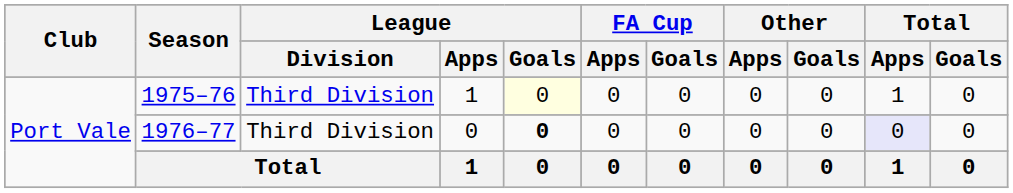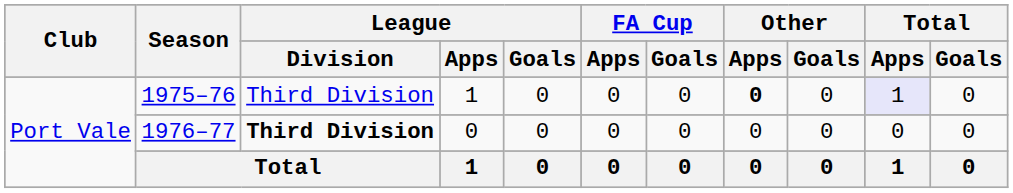 <table class="wikitable" style="text-align:center">
 <tr>
 <th rowspan="2">Club</th>
 <th rowspan="2">Season</th>
 <th colspan="3">League</th>
 <th colspan="2"><a href='#'>FA Cup</a></th>
 <th colspan="2">Other</th>
 <th colspan="2">Total</th>
 </tr>
 <tr>
 <th>Division</th>
 <th>Apps</th>
 <th>Goals</th>
 <th>Apps</th>
 <th>Goals</th>
 <th>Apps</th>
 <th>Goals</th>
 <th>Apps</th>
 <th>Goals</th>
 </tr>
 <tr>
 <td rowspan="3"><a href='#'>Port Vale</a></td>
 <td><a href='#'>1975–76</a></td>
 <td><a href='#'>Third Division</a></td>
 <td>1</td>
-<td style="background: lightyellow;">0</td>
+<td>0</td>
+<td>0</td>
+<td>0</td>
+<td><strong>0</strong></td>
+<td>0</td>
+<td style="background: lavender;">1</td>
+<td>0</td>
+</tr>
+<tr>
+<td><a href='#'>1976–77</a></td>
+<td><strong>Third Division</strong></td>
 <td>0</td>
 <td>0</td>
 <td>0</td>
 <td>0</td>
-<td>1</td>
-<td>0</td>
-</tr>
-<tr>
-<td><a href='#'>1976–77</a></td>
-<td>Third Division</td>
-<td>0</td>
-<td><strong>0</strong></td>
 <td>0</td>
 <td>0</td>
 <td>0</td>
-<td>0</td>
-<td style="background: lavender;">0</td>
 <td>0</td>
 </tr>
 <tr>
 <th colspan="2">Total</th>
 <th>1</th>
 <th>0</th>
 <th>0</th>
 <th>0</th>
 <th>0</th>
 <th>0</th>
 <th>1</th>
 <th>0</th>
 </tr>
 </table>
